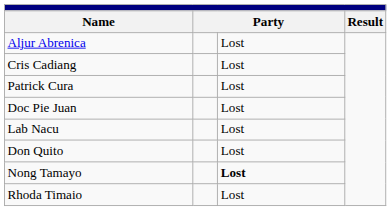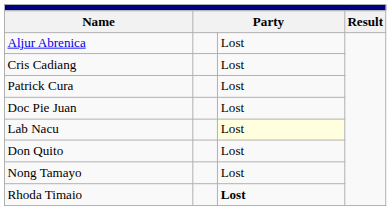 <table class="wikitable" style="font-size:90%">
 <tr>
 <td colspan="4" bgcolor="000080"></td>
 </tr>
 <tr>
 <th width="200px">Name</th>
 <th colspan="2" width="160px">Party</th>
 <th>Result</th>
 </tr>
 <tr>
 <td><a href='#'>Aljur Abrenica</a></td>
 <td></td>
 <td>Lost</td>
 </tr>
 <tr>
 <td>Cris Cadiang</td>
 <td></td>
 <td>Lost</td>
 </tr>
 <tr>
 <td>Patrick Cura</td>
 <td></td>
 <td>Lost</td>
 </tr>
 <tr>
 <td>Doc Pie Juan</td>
 <td></td>
 <td>Lost</td>
 </tr>
 <tr>
 <td>Lab Nacu</td>
 <td></td>
-<td>Lost</td>
+<td style="background: lightyellow;">Lost</td>
 </tr>
 <tr>
 <td>Don Quito</td>
 <td></td>
 <td>Lost</td>
 </tr>
 <tr>
 <td>Nong Tamayo</td>
 <td></td>
-<td><strong>Lost</strong></td>
+<td>Lost</td>
 </tr>
 <tr>
 <td>Rhoda Timaio</td>
 <td></td>
-<td>Lost</td>
+<td><strong>Lost</strong></td>
 </tr>
 </table>
